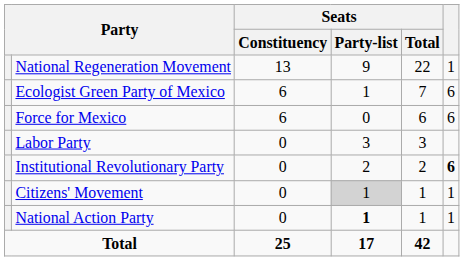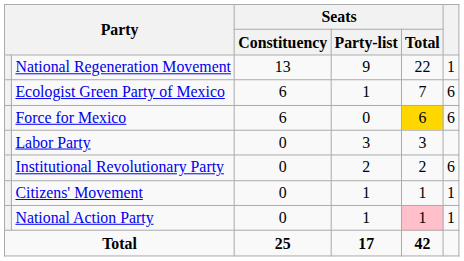 <table class="wikitable" style="text-align:center;">
 <tr>
 <th colspan="2" rowspan="2">Party</th>
 <th colspan="3">Seats</th>
 <th rowspan="2"></th>
 </tr>
 <tr>
 <th style="width:3em"><strong>Constituency</strong></th>
 <th>Party-list</th>
 <th>Total</th>
 </tr>
 <tr>
 <th style="background-color:"></th>
 <td style="text-align:left;"><a href='#'>National Regeneration Movement</a></td>
 <td>13</td>
 <td>9</td>
 <td>22</td>
 <td> 1</td>
 </tr>
 <tr>
 <th style="background-color:"></th>
 <td style="text-align:left;"><a href='#'>Ecologist Green Party of Mexico</a></td>
 <td>6</td>
 <td>1</td>
 <td>7</td>
 <td> 6</td>
 </tr>
 <tr>
 <th style="background-color:"></th>
 <td style="text-align:left;"><a href='#'>Force for Mexico</a></td>
 <td>6</td>
 <td>0</td>
-<td>6</td>
+<td style="background: gold;">6</td>
 <td> 6</td>
 </tr>
 <tr>
 <th style="background-color:"></th>
 <td style="text-align:left;"><a href='#'>Labor Party</a></td>
 <td>0</td>
 <td>3</td>
 <td>3</td>
 <td></td>
 </tr>
 <tr>
 <th style="background-color:"></th>
 <td style="text-align:left;"><a href='#'>Institutional Revolutionary Party</a></td>
 <td>0</td>
 <td>2</td>
 <td>2</td>
-<td><strong> 6</strong></td>
+<td> 6</td>
 </tr>
 <tr>
 <th style="background-color:"></th>
 <td style="text-align:left;"><a href='#'>Citizens' Movement</a></td>
 <td>0</td>
-<td style="background: lightgrey;">1</td>
+<td>1</td>
 <td>1</td>
 <td> 1</td>
 </tr>
 <tr>
 <th style="background-color:"></th>
 <td style="text-align:left;"><a href='#'>National Action Party</a></td>
 <td>0</td>
-<td><strong>1</strong></td>
 <td>1</td>
+<td style="background: pink;">1</td>
 <td> 1</td>
 </tr>
 <tr>
 <td colspan="2"><strong>Total</strong></td>
 <td><strong>25</strong></td>
 <td><strong>17</strong></td>
 <td><strong>42</strong></td>
 <td></td>
 </tr>
 </table>
